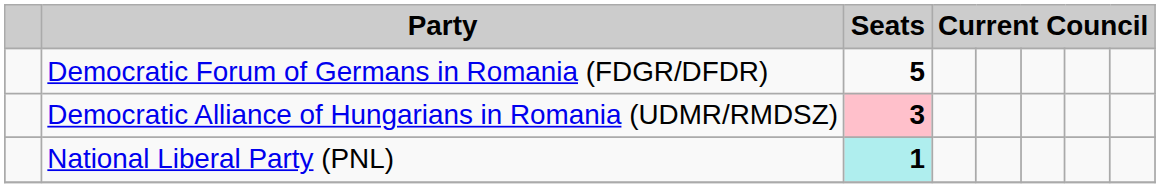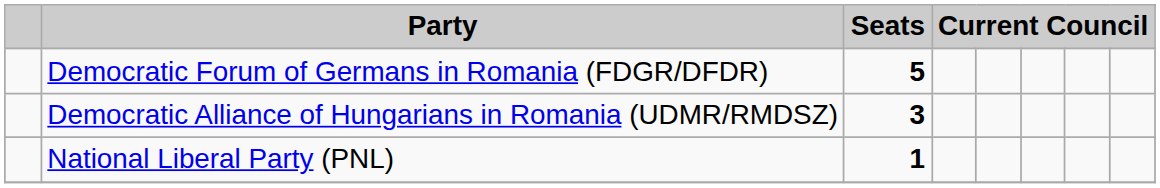 <table class="wikitable">
 <tr>
 <th style="background:#ccc">   </th>
 <th style="background:#ccc">Party</th>
 <th style="background:#ccc">Seats</th>
 <th style="background:#ccc" colspan="5">Current Council</th>
 </tr>
 <tr>
 <td>  </td>
 <td><a href='#'>Democratic Forum of Germans in Romania</a> (FDGR/DFDR)</td>
 <td style="text-align: right"><strong>5</strong></td>
 <td>  </td>
 <td>  </td>
 <td>  </td>
 <td>  </td>
 <td>  </td>
 </tr>
 <tr>
 <td>  </td>
 <td><a href='#'>Democratic Alliance of Hungarians in Romania</a> (UDMR/RMDSZ)</td>
-<td style="background: pink; text-align: right"><strong>3</strong></td>
+<td style="text-align: right"><strong>3</strong></td>
 <td>  </td>
 <td>  </td>
 <td>  </td>
 <td> </td>
 <td> </td>
 </tr>
 <tr>
 <td>  </td>
 <td><a href='#'>National Liberal Party</a> (PNL)</td>
-<td style="background: paleturquoise; text-align: right"><strong>1</strong></td>
+<td style="text-align: right"><strong>1</strong></td>
 <td>  </td>
 <td> </td>
 <td> </td>
 <td> </td>
 <td> </td>
 </tr>
 <tr>
 </tr>
 </table>
